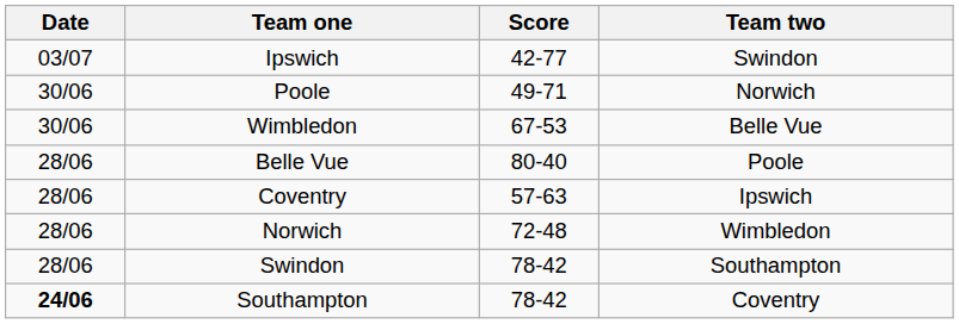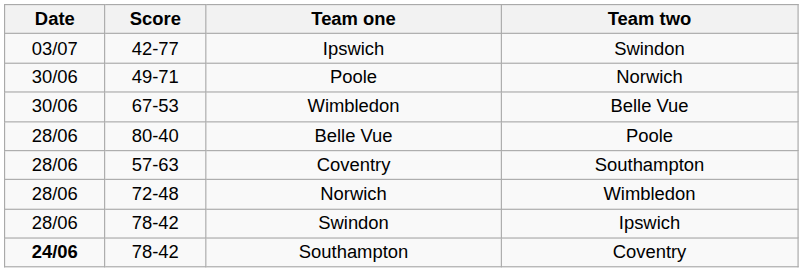 <table class="wikitable" style="text-align: center">
 <tr>
 <th width=80>Date</th>
+<th width=80>Score</th>
 <th width=250>Team one</th>
-<th width=80>Score</th>
 <th width=250>Team two</th>
 </tr>
 <tr>
 <td>03/07</td>
+<td>42-77</td>
 <td>Ipswich</td>
-<td>42-77</td>
 <td>Swindon</td>
 </tr>
 <tr>
 <td>30/06</td>
+<td>49-71</td>
 <td>Poole</td>
-<td>49-71</td>
 <td>Norwich</td>
 </tr>
 <tr>
 <td>30/06</td>
+<td>67-53</td>
 <td>Wimbledon</td>
-<td>67-53</td>
 <td>Belle Vue</td>
 </tr>
 <tr>
 <td>28/06</td>
+<td>80-40</td>
 <td>Belle Vue</td>
-<td>80-40</td>
 <td>Poole</td>
 </tr>
 <tr>
 <td>28/06</td>
+<td>57-63</td>
 <td>Coventry</td>
-<td>57-63</td>
-<td>Ipswich</td>
+<td>Southampton</td>
 </tr>
 <tr>
 <td>28/06</td>
+<td>72-48</td>
 <td>Norwich</td>
-<td>72-48</td>
 <td>Wimbledon</td>
 </tr>
 <tr>
 <td>28/06</td>
+<td>78-42</td>
 <td>Swindon</td>
-<td>78-42</td>
-<td>Southampton</td>
+<td>Ipswich</td>
 </tr>
 <tr>
 <td><strong>24/06</strong></td>
+<td>78-42</td>
 <td>Southampton</td>
-<td>78-42</td>
 <td>Coventry</td>
 </tr>
 </table>
